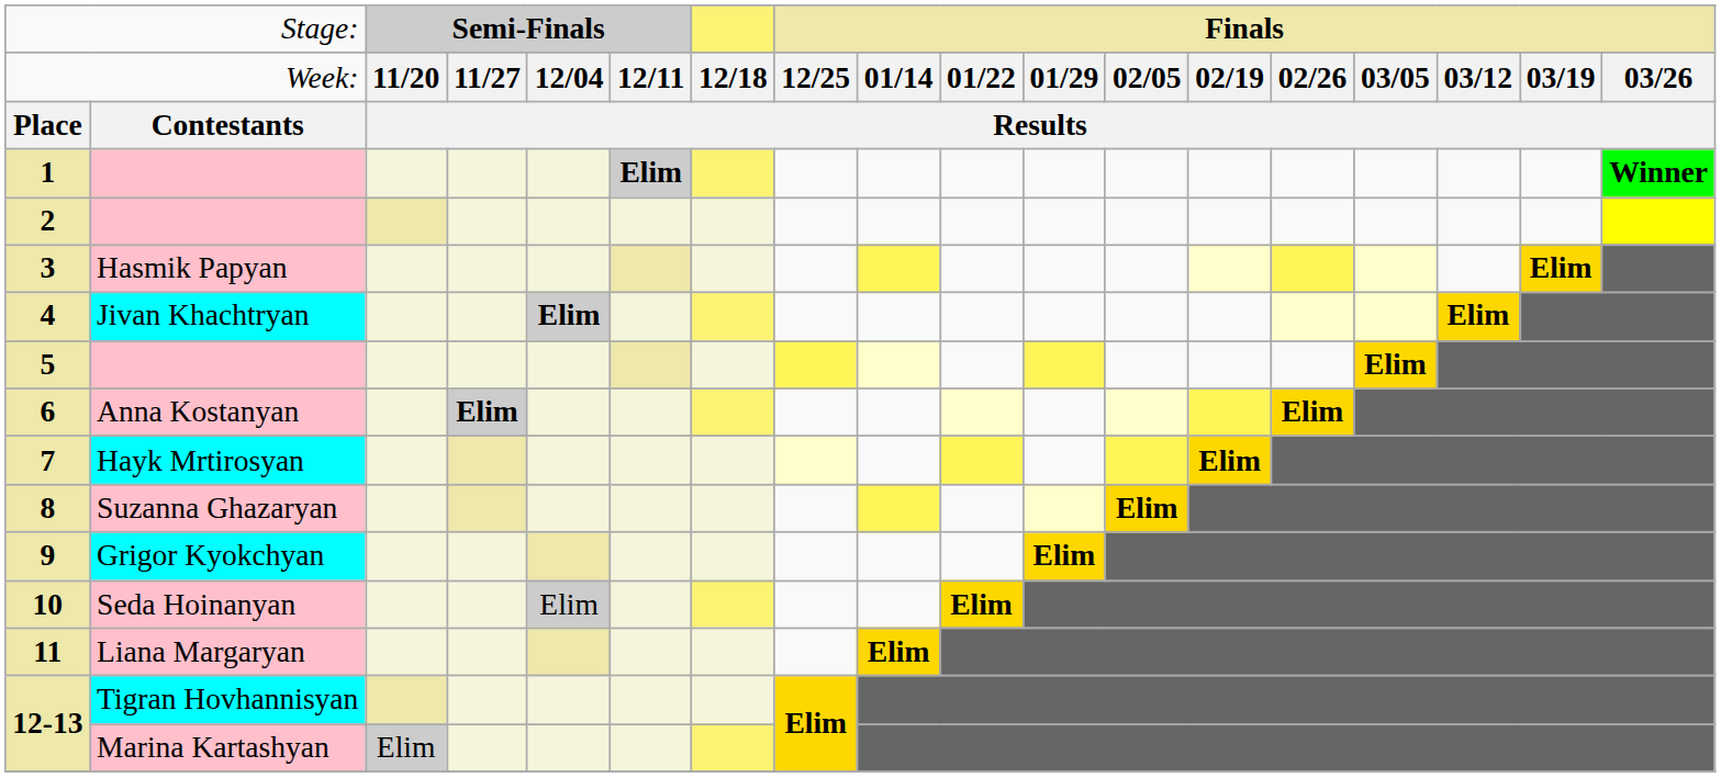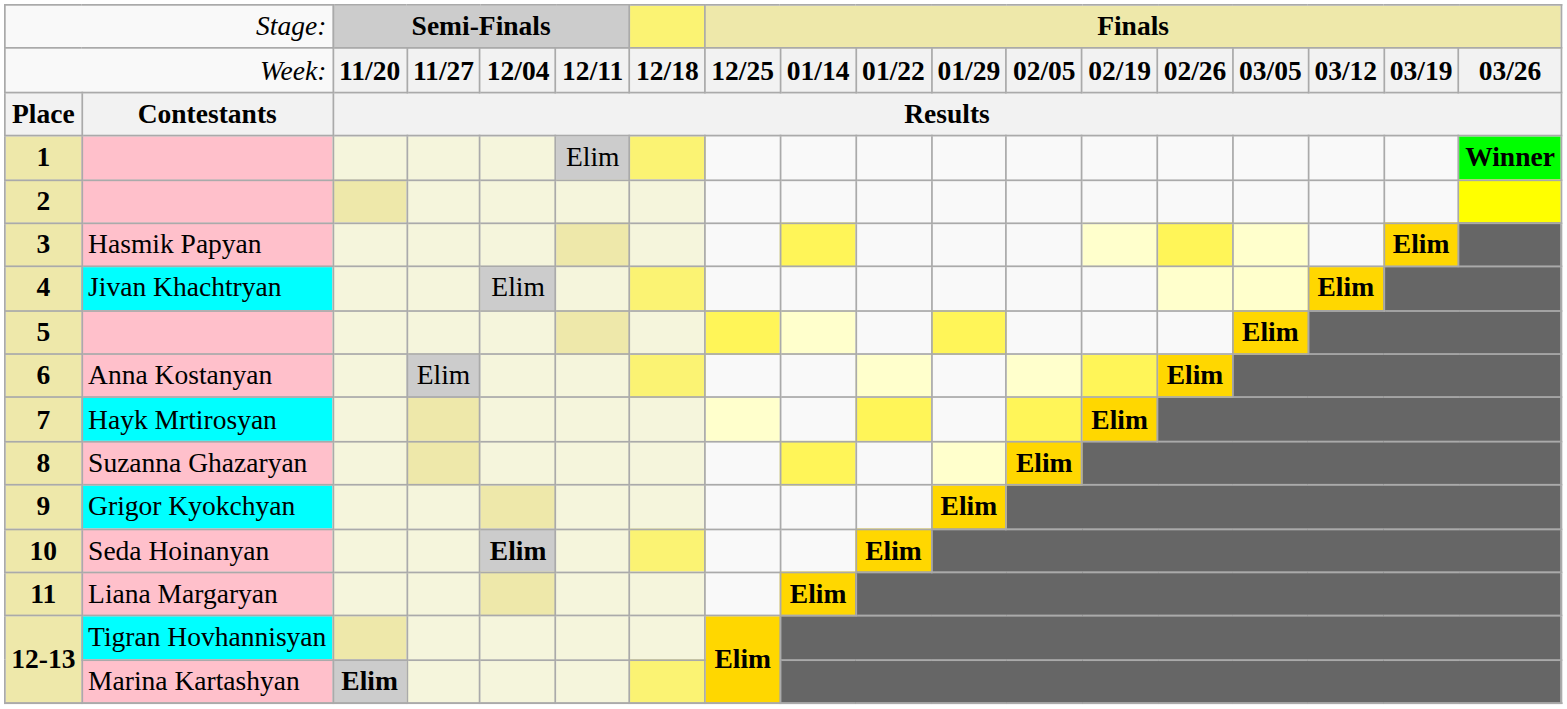 <table class="wikitable">
 <tr>
 <td colspan=2 align="right"><em>Stage:</em></td>
 <td colspan=4 bgcolor="CCCCCC" align="Center"><strong>Semi-Finals</strong></td>
 <td colspan=1 bgcolor="#FBF373" align="center"></td>
 <td colspan=11 bgcolor="palegoldenrod" align="Center"><strong>Finals</strong></td>
 </tr>
 <tr>
 <td colspan=2 align="right"><em>Week:</em></td>
 <th>11/20</th>
 <th>11/27</th>
 <th>12/04</th>
 <th>12/11</th>
 <th>12/18</th>
 <th>12/25</th>
 <th>01/14</th>
 <th>01/22</th>
 <th>01/29</th>
 <th>02/05</th>
 <th>02/19</th>
 <th>02/26</th>
 <th>03/05</th>
 <th>03/12</th>
 <th>03/19</th>
 <th>03/26</th>
 </tr>
 <tr>
 <th>Place</th>
 <th>Contestants</th>
 <th colspan=16 align="center">Results</th>
 </tr>
 <tr>
 <td align="center" bgcolor="palegoldenrod"><strong>1</strong></td>
 <td bgcolor="pink"></td>
 <td bgcolor="F5F5DC"></td>
 <td bgcolor="F5F5DC"></td>
 <td bgcolor="F5F5DC"></td>
-<td bgcolor="#CCCCCC" align="center"><strong>Elim</strong></td>
+<td bgcolor="#CCCCCC" align="center">Elim</td>
 <td bgcolor="#FBF373" align="center"></td>
 <td></td>
 <td></td>
 <td></td>
 <td></td>
 <td></td>
 <td></td>
 <td></td>
 <td></td>
 <td></td>
 <td></td>
 <td style="background: Lime"><strong>Winner</strong></td>
 </tr>
 <tr>
 <td align="center" bgcolor="palegoldenrod"><strong>2</strong></td>
 <td bgcolor="pink"></td>
 <td bgcolor="palegoldenrod" align="center"></td>
 <td bgcolor="F5F5DC"></td>
 <td bgcolor="F5F5DC"></td>
 <td bgcolor="F5F5DC"></td>
 <td bgcolor="F5F5DC"></td>
 <td></td>
 <td></td>
 <td></td>
 <td></td>
 <td></td>
 <td></td>
 <td></td>
 <td></td>
 <td></td>
 <td></td>
 <td style="background: yellow"></td>
 </tr>
 <tr>
 <td align="center" bgcolor="palegoldenrod"><strong>3</strong></td>
 <td bgcolor="pink">Hasmik Papyan</td>
 <td bgcolor="F5F5DC"></td>
 <td bgcolor="F5F5DC"></td>
 <td bgcolor="F5F5DC"></td>
 <td bgcolor="palegoldenrod" align="center"></td>
 <td bgcolor="F5F5DC"></td>
 <td></td>
 <td bgcolor="#FFF558" align="center"></td>
 <td></td>
 <td></td>
 <td></td>
 <td bgcolor="#FFFFCC" align="center"></td>
 <td bgcolor="#FFF558" align="center"></td>
 <td bgcolor="#FFFFCC" align="center"></td>
 <td></td>
 <td bgcolor="gold" align="center"><strong>Elim</strong></td>
 <td bgcolor="666666"></td>
 </tr>
 <tr>
 <td align="center" bgcolor="palegoldenrod"><strong>4</strong></td>
 <td bgcolor="cyan">Jivan Khachtryan</td>
 <td bgcolor="F5F5DC"></td>
 <td bgcolor="F5F5DC"></td>
-<td bgcolor="#CCCCCC" align="center"><strong>Elim</strong></td>
+<td bgcolor="#CCCCCC" align="center">Elim</td>
 <td bgcolor="F5F5DC"></td>
 <td bgcolor="#FBF373" align="center"></td>
 <td></td>
 <td></td>
 <td></td>
 <td></td>
 <td></td>
 <td></td>
 <td bgcolor="#FFFFCC" align="center"></td>
 <td bgcolor="#FFFFCC" align="center"></td>
 <td bgcolor="gold" align="center"><strong>Elim</strong></td>
 <td colspan=2 bgcolor="666666"></td>
 </tr>
 <tr>
 <td align="center" bgcolor="palegoldenrod"><strong>5</strong></td>
 <td bgcolor="pink"></td>
 <td bgcolor="F5F5DC"></td>
 <td bgcolor="F5F5DC"></td>
 <td bgcolor="F5F5DC"></td>
 <td bgcolor="palegoldenrod" align="center"></td>
 <td bgcolor="F5F5DC"></td>
 <td bgcolor="#FFF558" align="center"></td>
 <td bgcolor="#FFFFCC" align="center"></td>
 <td></td>
 <td bgcolor="#FFF558" align="center"></td>
 <td></td>
 <td></td>
 <td></td>
 <td bgcolor="gold" align="center"><strong>Elim</strong></td>
 <td colspan=3 bgcolor="666666"></td>
 </tr>
 <tr>
 <td align="center" bgcolor="palegoldenrod"><strong>6</strong></td>
 <td bgcolor="pink">Anna Kostanyan</td>
 <td bgcolor="F5F5DC"></td>
-<td bgcolor="#CCCCCC" align="center"><strong>Elim</strong></td>
+<td bgcolor="#CCCCCC" align="center">Elim</td>
 <td bgcolor="F5F5DC"></td>
 <td bgcolor="F5F5DC"></td>
 <td bgcolor="#FBF373" align="center"></td>
 <td></td>
 <td></td>
 <td bgcolor="#FFFFCC" align="center"></td>
 <td></td>
 <td bgcolor="#FFFFCC" align="center"></td>
 <td bgcolor="#FFF558" align="center"></td>
 <td bgcolor="gold" align="center"><strong>Elim</strong></td>
 <td colspan=4 bgcolor="666666"></td>
 </tr>
 <tr>
 <td align="center" bgcolor="palegoldenrod"><strong>7</strong></td>
 <td bgcolor="cyan">Hayk Mrtirosyan</td>
 <td bgcolor="F5F5DC"></td>
 <td bgcolor="palegoldenrod" align="center"></td>
 <td bgcolor="F5F5DC"></td>
 <td bgcolor="F5F5DC"></td>
 <td bgcolor="F5F5DC"></td>
 <td bgcolor="#FFFFCC" align="center"></td>
 <td></td>
 <td bgcolor="#FFF558" align="center"></td>
 <td></td>
 <td bgcolor="#FFF558" align="center"></td>
 <td bgcolor="gold" align="center"><strong>Elim</strong></td>
 <td colspan=5 bgcolor="666666"></td>
 </tr>
 <tr>
 <td align="center" bgcolor="palegoldenrod"><strong>8</strong></td>
 <td bgcolor="pink">Suzanna Ghazaryan</td>
 <td bgcolor="F5F5DC"></td>
 <td bgcolor="palegoldenrod" align="center"></td>
 <td bgcolor="F5F5DC"></td>
 <td bgcolor="F5F5DC"></td>
 <td bgcolor="F5F5DC"></td>
 <td></td>
 <td bgcolor="#FFF558" align="center"></td>
 <td></td>
 <td bgcolor="#FFFFCC" align="center"></td>
 <td bgcolor="gold" align="center"><strong>Elim</strong></td>
 <td colspan=6 bgcolor="666666"></td>
 </tr>
 <tr>
 <td align="center" bgcolor="palegoldenrod"><strong>9</strong></td>
 <td bgcolor="cyan">Grigor Kyokchyan</td>
 <td bgcolor="F5F5DC"></td>
 <td bgcolor="F5F5DC"></td>
 <td bgcolor="palegoldenrod" align="center"></td>
 <td bgcolor="F5F5DC"></td>
 <td bgcolor="F5F5DC"></td>
 <td></td>
 <td></td>
 <td></td>
 <td bgcolor="gold" align="center"><strong>Elim</strong></td>
 <td colspan=7 bgcolor="666666"></td>
 </tr>
 <tr>
 <td align="center" bgcolor="palegoldenrod"><strong>10</strong></td>
 <td bgcolor="pink">Seda Hoinanyan</td>
 <td bgcolor="F5F5DC"></td>
 <td bgcolor="F5F5DC"></td>
-<td bgcolor="#CCCCCC" align="center">Elim</td>
+<td bgcolor="#CCCCCC" align="center"><strong>Elim</strong></td>
 <td bgcolor="F5F5DC"></td>
 <td bgcolor="#FBF373" align="center"></td>
 <td></td>
 <td></td>
 <td bgcolor="gold" align="center"><strong>Elim</strong></td>
 <td colspan=8 bgcolor="666666"></td>
 </tr>
 <tr>
 <td align="center" bgcolor="palegoldenrod"><strong>11</strong></td>
 <td bgcolor="pink">Liana Margaryan</td>
 <td bgcolor="F5F5DC"></td>
 <td bgcolor="F5F5DC"></td>
 <td bgcolor="palegoldenrod" align="center"></td>
 <td bgcolor="F5F5DC"></td>
 <td bgcolor="F5F5DC"></td>
 <td></td>
 <td bgcolor="gold" align="center"><strong>Elim</strong></td>
 <td colspan=9 bgcolor="666666"></td>
 </tr>
 <tr>
 <td align="center" rowspan=2 bgcolor="palegoldenrod"><strong>12-13</strong></td>
 <td bgcolor="cyan">Tigran Hovhannisyan</td>
 <td bgcolor="palegoldenrod" align="center"></td>
 <td bgcolor="F5F5DC"></td>
 <td bgcolor="F5F5DC"></td>
 <td bgcolor="F5F5DC"></td>
 <td bgcolor="F5F5DC"></td>
 <td bgcolor="gold" align="center" rowspan=2><strong>Elim</strong></td>
 <td colspan=10 bgcolor="666666"></td>
 </tr>
 <tr>
 <td bgcolor="pink">Marina Kartashyan</td>
-<td bgcolor="#CCCCCC" align="center">Elim</td>
+<td bgcolor="#CCCCCC" align="center"><strong>Elim</strong></td>
 <td bgcolor="F5F5DC"></td>
 <td bgcolor="F5F5DC"></td>
 <td bgcolor="F5F5DC"></td>
 <td bgcolor="#FBF373" align="center"></td>
 <td colspan=10 bgcolor="666666"></td>
 </tr>
 <tr>
 </tr>
 </table>
